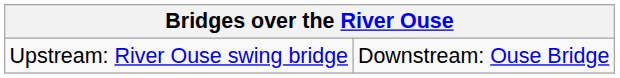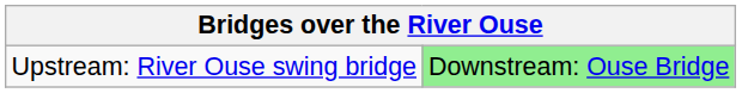 <table class="wikitable">
 <tr>
 <th colspan=2>Bridges over the <a href='#'>River Ouse</a></th>
 </tr>
 <tr>
 <td>Upstream: <a href='#'>River Ouse swing bridge</a></td>
-<td>Downstream: <a href='#'>Ouse Bridge</a></td>
+<td style="background: lightgreen;">Downstream: <a href='#'>Ouse Bridge</a></td>
 </tr>
 </table>
